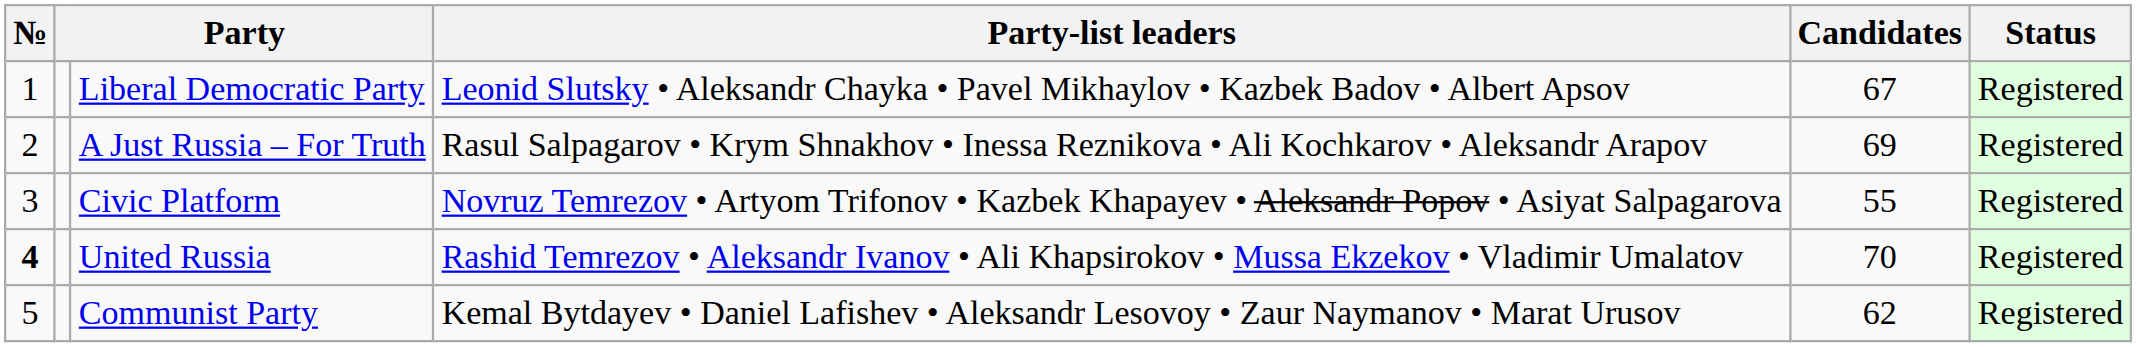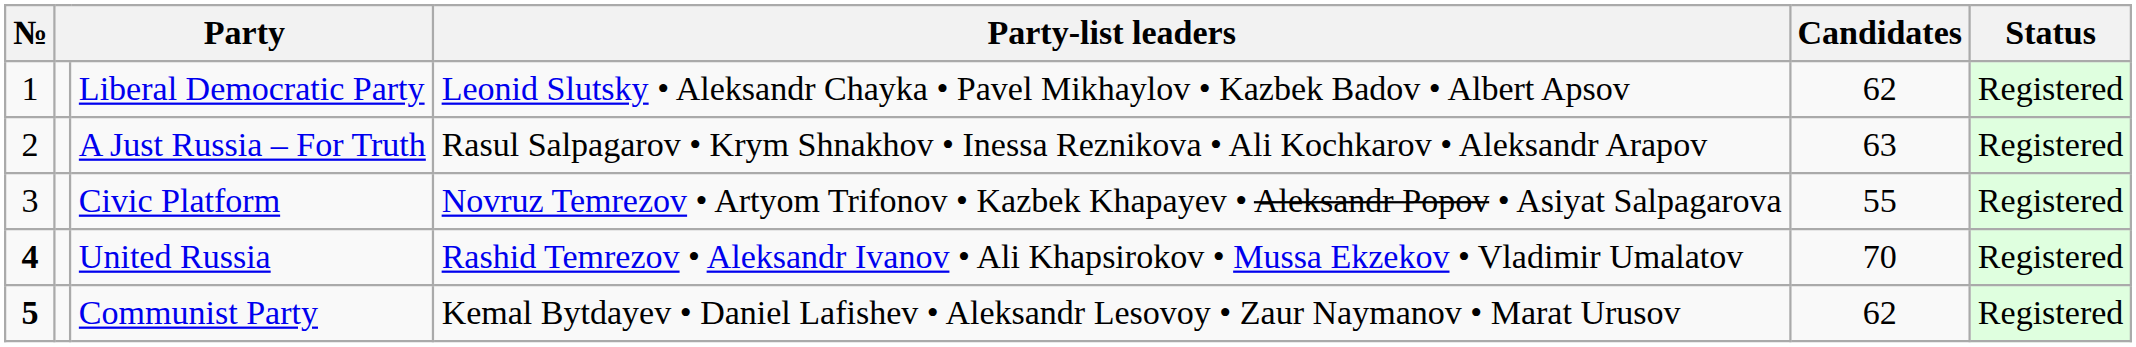 <table class="wikitable sortable" style="background: #f9f9f9; text-align:right; font-size: 95%">
 <tr>
 <th align=center>№</th>
 <th colspan="2">Party</th>
 <th align=center>Party-list leaders</th>
 <th align=center>Candidates</th>
 <th align=center>Status</th>
 </tr>
 <tr>
 <td align=center>1</td>
 <td style="background-color:"></td>
 <td align=left><a href='#'>Liberal Democratic Party</a></td>
 <td align=left><a href='#'>Leonid Slutsky</a> • Aleksandr Chayka • Pavel Mikhaylov • Kazbek Badov • Albert Apsov</td>
-<td align=center>67</td>
+<td align=center>62</td>
 <td align=center bgcolor="#DFFFDF">Registered</td>
 </tr>
 <tr>
 <td align=center>2</td>
 <td style="background-color:"></td>
 <td align=left><a href='#'>A Just Russia – For Truth</a></td>
 <td align=left>Rasul Salpagarov • Krym Shnakhov • Inessa Reznikova • Ali Kochkarov • Aleksandr Arapov</td>
-<td align=center>69</td>
+<td align=center>63</td>
 <td align=center bgcolor="#DFFFDF">Registered</td>
 </tr>
 <tr>
 <td align=center>3</td>
 <td style="background-color:"></td>
 <td align=left><a href='#'>Civic Platform</a></td>
 <td align=left><a href='#'>Novruz Temrezov</a> • Artyom Trifonov • Kazbek Khapayev • <s>Aleksandr Popov</s> • Asiyat Salpagarova</td>
 <td align=center>55</td>
 <td align=center bgcolor="#DFFFDF">Registered</td>
 </tr>
 <tr>
 <td align=center><strong>4</strong></td>
 <td style="background-color:"></td>
 <td align=left><a href='#'>United Russia</a></td>
 <td align=left><a href='#'>Rashid Temrezov</a> • <a href='#'>Aleksandr Ivanov</a> • Ali Khapsirokov • <a href='#'>Mussa Ekzekov</a> • Vladimir Umalatov</td>
 <td align=center>70</td>
 <td align=center bgcolor="#DFFFDF">Registered</td>
 </tr>
 <tr>
-<td align=center>5</td>
+<td align=center><strong>5</strong></td>
 <td style="background-color:"></td>
 <td align=left><a href='#'>Communist Party</a></td>
 <td align=left>Kemal Bytdayev • Daniel Lafishev • Aleksandr Lesovoy • Zaur Naymanov • Marat Urusov</td>
 <td align=center>62</td>
 <td align=center bgcolor="#DFFFDF">Registered</td>
 </tr>
 </table>
